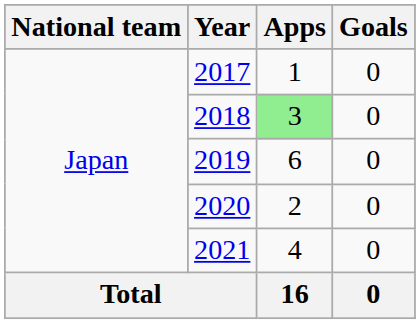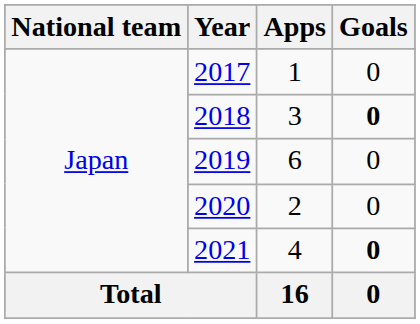 <table class="wikitable" style="text-align:center">
 <tr>
 <th>National team</th>
 <th>Year</th>
 <th>Apps</th>
 <th>Goals</th>
 </tr>
 <tr>
 <td rowspan="5"><a href='#'>Japan</a></td>
 <td><a href='#'>2017</a></td>
 <td>1</td>
 <td>0</td>
 </tr>
 <tr>
 <td><a href='#'>2018</a></td>
-<td style="background: lightgreen;">3</td>
-<td>0</td>
+<td>3</td>
+<td><strong>0</strong></td>
 </tr>
 <tr>
 <td><a href='#'>2019</a></td>
 <td>6</td>
 <td>0</td>
 </tr>
 <tr>
 <td><a href='#'>2020</a></td>
 <td>2</td>
 <td>0</td>
 </tr>
 <tr>
 <td><a href='#'>2021</a></td>
 <td>4</td>
-<td>0</td>
+<td><strong>0</strong></td>
 </tr>
 <tr>
 <th colspan="2">Total</th>
 <th>16</th>
 <th>0</th>
 </tr>
 </table>
